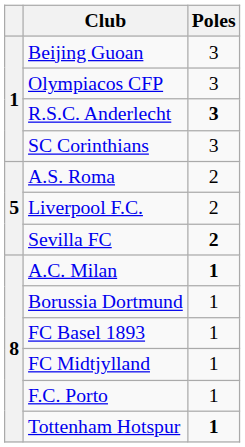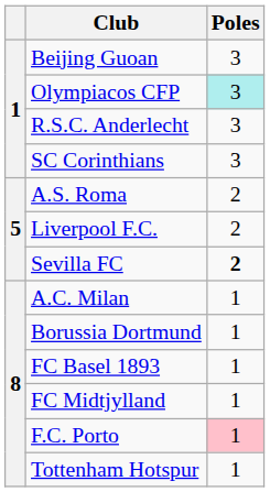 <table class="wikitable" style="float:left; margin-right:1em;">
 <tr>
 <th></th>
 <th>Club</th>
 <th>Poles</th>
 </tr>
 <tr>
 <th rowspan=4>1</th>
 <td> <a href='#'>Beijing Guoan</a></td>
 <td align=center>3</td>
 </tr>
 <tr>
 <td> <a href='#'>Olympiacos CFP</a></td>
-<td align=center>3</td>
+<td align=center style="background: paleturquoise;">3</td>
 </tr>
 <tr>
 <td> <a href='#'>R.S.C. Anderlecht</a></td>
-<td align=center><strong>3</strong></td>
+<td align=center>3</td>
 </tr>
 <tr>
 <td> <a href='#'>SC Corinthians</a></td>
 <td align=center>3</td>
 </tr>
 <tr>
 <th rowspan=3>5</th>
 <td> <a href='#'>A.S. Roma</a></td>
 <td align=center>2</td>
 </tr>
 <tr>
 <td> <a href='#'>Liverpool F.C.</a></td>
 <td align=center>2</td>
 </tr>
 <tr>
 <td> <a href='#'>Sevilla FC</a></td>
 <td align=center><strong>2</strong></td>
 </tr>
 <tr>
 <th rowspan=6>8</th>
 <td> <a href='#'>A.C. Milan</a></td>
-<td align=center><strong>1</strong></td>
+<td align=center>1</td>
 </tr>
 <tr>
 <td> <a href='#'>Borussia Dortmund</a></td>
 <td align=center>1</td>
 </tr>
 <tr>
 <td> <a href='#'>FC Basel 1893</a></td>
 <td align=center>1</td>
 </tr>
 <tr>
 <td> <a href='#'>FC Midtjylland</a></td>
 <td align=center>1</td>
 </tr>
 <tr>
 <td> <a href='#'>F.C. Porto</a></td>
-<td align=center>1</td>
+<td align=center style="background: pink;">1</td>
 </tr>
 <tr>
 <td> <a href='#'>Tottenham Hotspur</a></td>
-<td align=center><strong>1</strong></td>
+<td align=center>1</td>
 </tr>
 </table>
